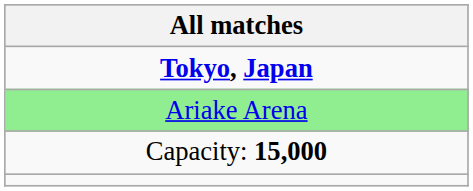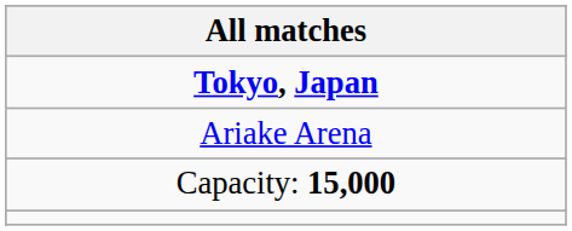 <table class="wikitable" style="text-align:center" width=280>
 <tr>
 <th>All matches</th>
 </tr>
 <tr>
 <td> <strong><a href='#'>Tokyo</a>, <a href='#'>Japan</a></strong></td>
 </tr>
 <tr>
-<td style="background: lightgreen;"><a href='#'>Ariake Arena</a></td>
+<td><a href='#'>Ariake Arena</a></td>
 </tr>
 <tr>
 <td>Capacity: <strong>15,000</strong></td>
 </tr>
 <tr>
 <td></td>
 </tr>
 </table>
